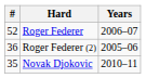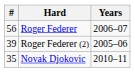 <table class=wikitable style="display:inline-table;">
 <tr>
 <th>#</th>
 <th>Hard</th>
 <th>Years</th>
 </tr>
 <tr>
-<td>52</td>
+<td>56</td>
 <td> <a href='#'>Roger Federer</a></td>
 <td>2006–07</td>
 </tr>
 <tr>
-<td>36</td>
+<td>39</td>
 <td> Roger Federer <small>(2)</small></td>
 <td>2005–06</td>
 </tr>
 <tr>
 <td>35</td>
 <td> <a href='#'>Novak Djokovic</a></td>
 <td>2010–11</td>
 </tr>
 </table>
